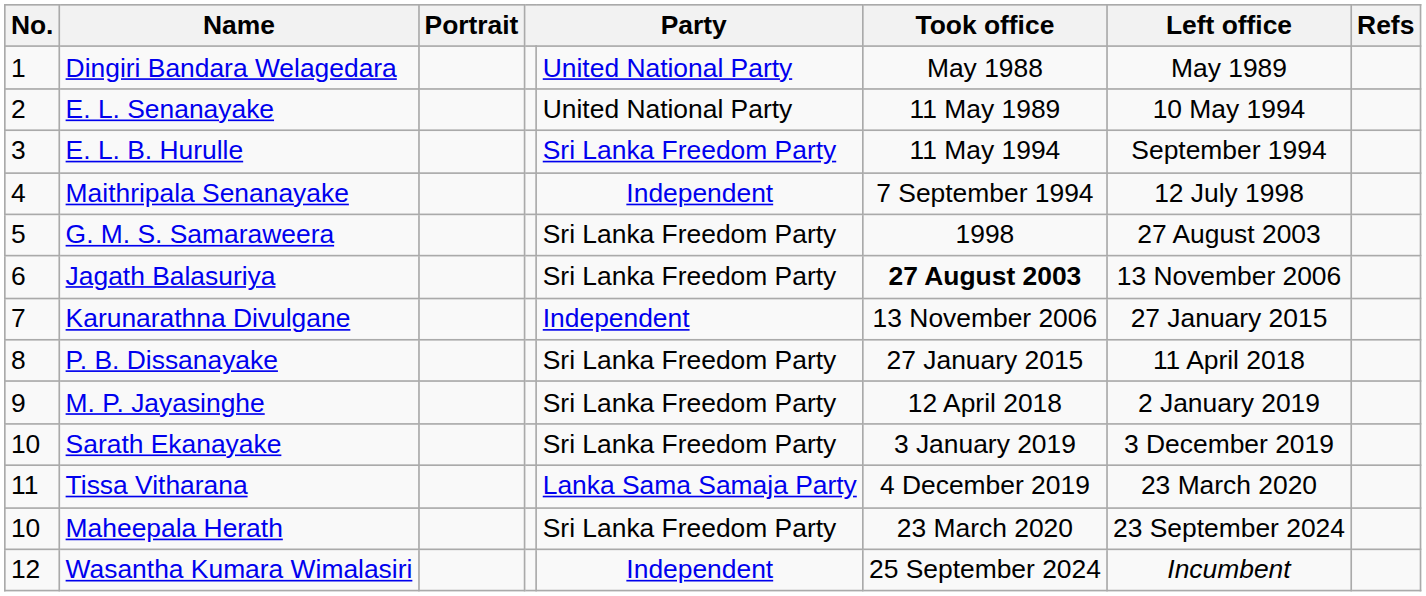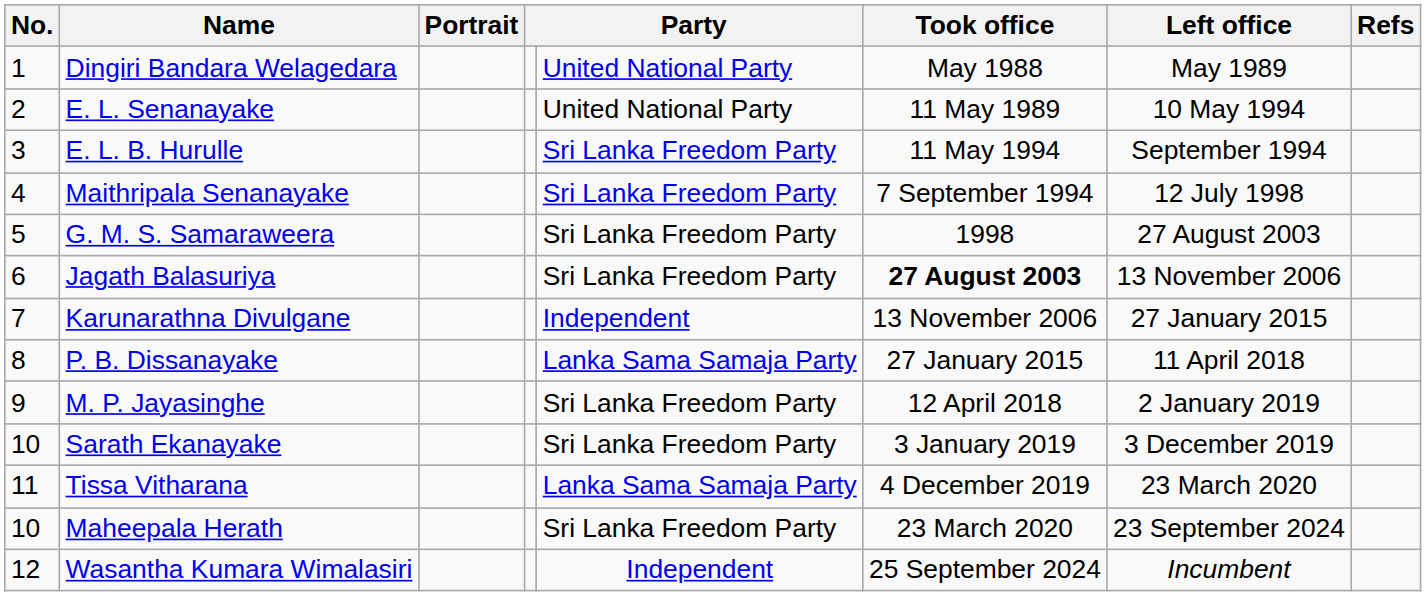 <table class="wikitable plainrowheaders sortable" style="font-size:100%; text-align:left;">
 <tr>
 <th>No.</th>
 <th>Name</th>
 <th class=unsortable>Portrait</th>
 <th colspan="2">Party</th>
 <th>Took office</th>
 <th>Left office</th>
 <th class=unsortable>Refs</th>
 </tr>
 <tr>
 <td>1</td>
 <td><a href='#'>Dingiri Bandara Welagedara</a></td>
 <td></td>
 <td !align="center" style="background:"></td>
 <td><a href='#'>United National Party</a></td>
 <td align=center>May 1988</td>
 <td align=center>May 1989</td>
 <td align=center></td>
 </tr>
 <tr>
 <td>2</td>
 <td><a href='#'>E. L. Senanayake</a></td>
 <td></td>
 <td !align="center" style="background:"></td>
 <td>United National Party</td>
 <td align=center>11 May 1989</td>
 <td align=center>10 May 1994</td>
 <td align=center></td>
 </tr>
 <tr>
 <td>3</td>
 <td><a href='#'>E. L. B. Hurulle</a></td>
 <td></td>
 <td !align="center" style="background:"></td>
 <td><a href='#'>Sri Lanka Freedom Party</a></td>
 <td align=center>11 May 1994</td>
 <td align=center>September 1994</td>
 <td align=center></td>
 </tr>
 <tr>
 <td>4</td>
 <td><a href='#'>Maithripala Senanayake</a></td>
 <td></td>
 <td !align="center" style="background:"></td>
-<td align=center><a href='#'>Independent</a></td>
+<td><a href='#'>Sri Lanka Freedom Party</a></td>
 <td align=center>7 September 1994</td>
 <td align=center>12 July 1998</td>
 <td align=center></td>
 </tr>
 <tr>
 <td>5</td>
 <td><a href='#'>G. M. S. Samaraweera</a></td>
 <td></td>
 <td !align="center" style="background:"></td>
 <td>Sri Lanka Freedom Party</td>
 <td align=center>1998</td>
 <td align=center>27 August 2003</td>
 <td align=center></td>
 </tr>
 <tr>
 <td>6</td>
 <td><a href='#'>Jagath Balasuriya</a></td>
 <td></td>
 <td !align="center" style="background:"></td>
 <td>Sri Lanka Freedom Party</td>
 <td align=center><strong>27 August 2003</strong></td>
 <td align=center>13 November 2006</td>
 <td align=center></td>
 </tr>
 <tr>
 <td>7</td>
 <td><a href='#'>Karunarathna Divulgane</a></td>
 <td></td>
 <td !align="center" style="background:"></td>
 <td><a href='#'>Independent</a></td>
 <td align=center>13 November 2006</td>
 <td align=center>27 January 2015</td>
 <td align=center></td>
 </tr>
 <tr>
 <td>8</td>
 <td><a href='#'>P. B. Dissanayake</a></td>
 <td></td>
 <td !align="center" style="background:"></td>
-<td>Sri Lanka Freedom Party</td>
+<td><a href='#'>Lanka Sama Samaja Party</a></td>
 <td align=center>27 January 2015</td>
 <td align=center>11 April 2018</td>
 <td align=center></td>
 </tr>
 <tr>
 <td>9</td>
 <td><a href='#'>M. P. Jayasinghe</a></td>
 <td></td>
 <td !align="center" style="background:"></td>
 <td>Sri Lanka Freedom Party</td>
 <td align=center>12 April 2018</td>
 <td align=center>2 January 2019</td>
 <td align=center></td>
 </tr>
 <tr>
 <td>10</td>
 <td><a href='#'>Sarath Ekanayake</a></td>
 <td></td>
 <td !align="center" style="background:"></td>
 <td>Sri Lanka Freedom Party</td>
 <td align=center>3 January 2019</td>
 <td align=center>3 December 2019</td>
 <td align=center></td>
 </tr>
 <tr>
 <td>11</td>
 <td><a href='#'>Tissa Vitharana</a></td>
 <td></td>
 <td !align="center" style="background:"></td>
 <td><a href='#'>Lanka Sama Samaja Party</a></td>
 <td align=center>4 December 2019</td>
 <td align=center>23 March 2020</td>
 <td align=center></td>
 </tr>
 <tr>
 <td>10</td>
 <td><a href='#'>Maheepala Herath</a></td>
 <td></td>
 <td !align="center" style="background:"></td>
 <td>Sri Lanka Freedom Party</td>
 <td align=center>23 March 2020</td>
 <td align=center>23 September 2024</td>
 <td align=center></td>
 </tr>
 <tr>
 <td>12</td>
 <td><a href='#'>Wasantha Kumara Wimalasiri</a></td>
 <td></td>
 <td style="background:"></td>
 <td align=center><a href='#'>Independent</a></td>
 <td align=center>25 September 2024</td>
 <td align=center><em>Incumbent</em></td>
 <td align=center></td>
 </tr>
 </table>
